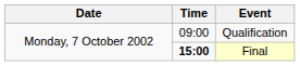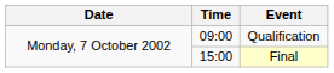 <table class = "wikitable" style="text-align:center;">
 <tr>
 <th width=220>Date</th>
 <th width=50>Time</th>
 <th width=100>Event</th>
 </tr>
 <tr>
 <td rowspan=2>Monday, 7 October 2002</td>
 <td>09:00</td>
 <td>Qualification</td>
 </tr>
 <tr>
-<td><strong>15:00</strong></td>
+<td>15:00</td>
 <td bgcolor=ffffcc>Final</td>
 </tr>
 </table>
